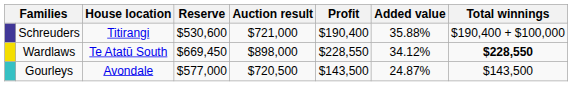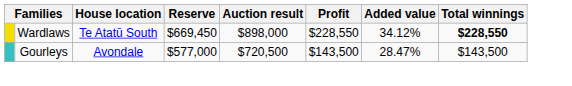 <table style="text-align:center;" class="wikitable">
 <tr valign="top">
 <th colspan="2">Families</th>
 <th>House location</th>
 <th><strong>Reserve</strong></th>
 <th><strong>Auction result</strong></th>
 <th><strong>Profit</strong></th>
 <th><strong>Added value</strong></th>
 <th><strong>Total winnings</strong></th>
-</tr>
-<tr>
-<th style="width:2%;background:#413797; height:10px;"></th>
-<td>Schreuders</td>
-<td><a href='#'>Titirangi</a></td>
-<td>$530,600</td>
-<td>$721,000</td>
-<td>$190,400</td>
-<td>35.88%</td>
-<td>$190,400 + $100,000</td>
 </tr>
 <tr>
 <th ! style="width:2%;background:#f4de00; height:10px;"></th>
 <td>Wardlaws</td>
 <td><a href='#'>Te Atatū South</a></td>
 <td>$669,450</td>
 <td>$898,000</td>
 <td>$228,550</td>
 <td>34.12%</td>
 <td><strong>$228,550</strong></td>
 </tr>
 <tr>
 <th style="width:2%;background:#35c0c3; height:10px;"></th>
 <td>Gourleys</td>
 <td><a href='#'>Avondale</a></td>
 <td>$577,000</td>
 <td>$720,500</td>
 <td>$143,500</td>
-<td>24.87%</td>
+<td>28.47%</td>
 <td>$143,500</td>
 </tr>
 </table>
